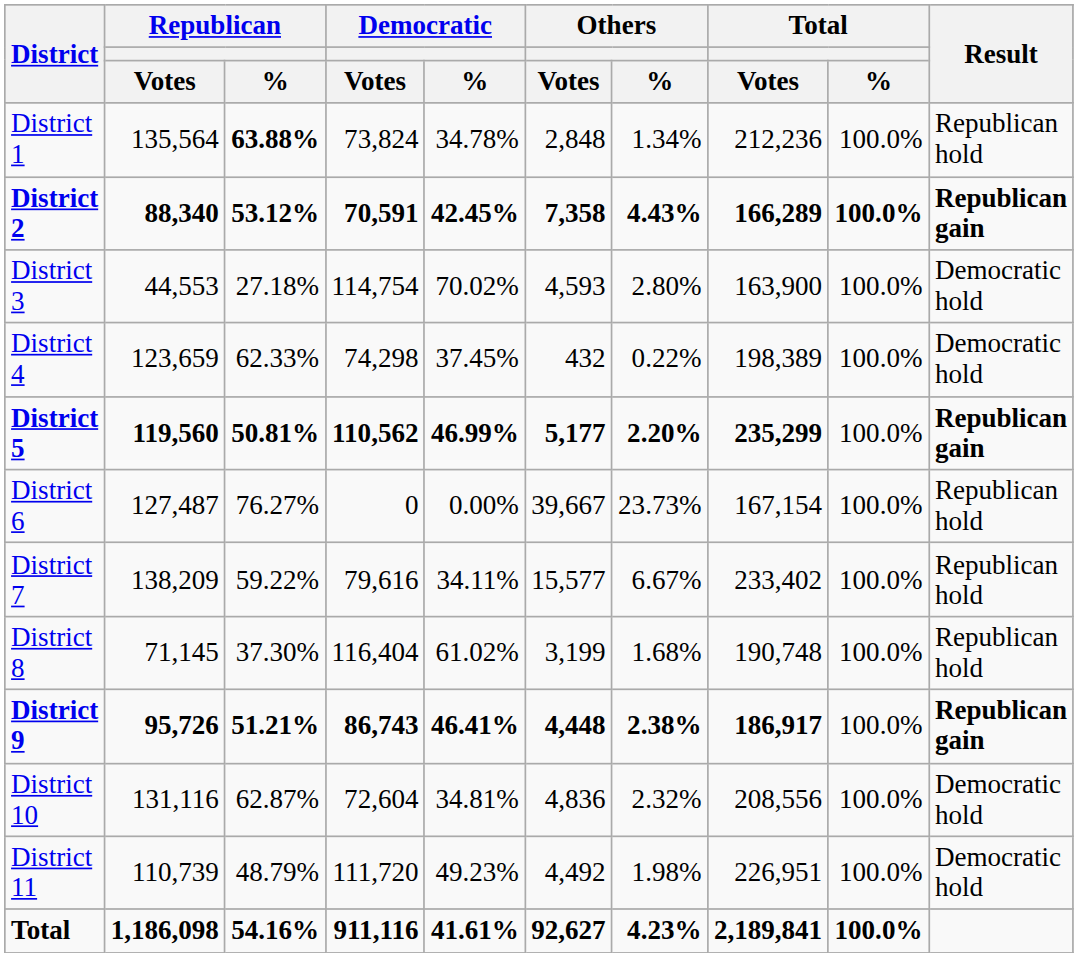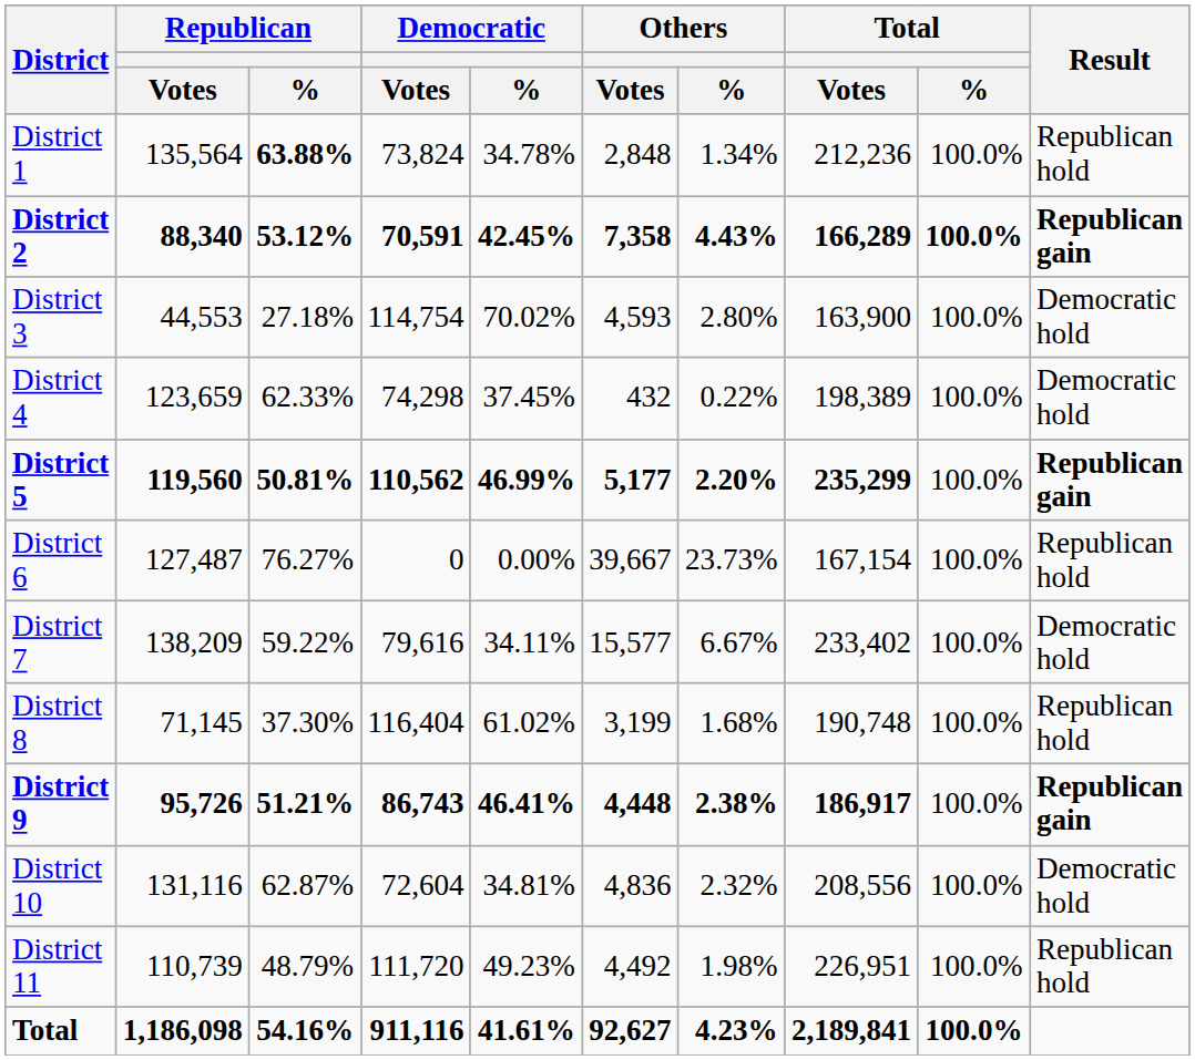 <table class="wikitable plainrowheaders sortable" style="font-size:100%; text-align:right;">
 <tr>
 <th scope=col rowspan=3><a href='#'>District</a></th>
 <th scope=col colspan=2><a href='#'>Republican</a></th>
 <th scope=col colspan=2><a href='#'>Democratic</a></th>
 <th scope=col colspan=2>Others</th>
 <th scope=col colspan=2>Total</th>
 <th scope=col rowspan=3>Result</th>
 </tr>
 <tr>
 <th scope=col colspan=2 style="background:"></th>
 <th scope=col colspan=2 style="background:"></th>
 <th scope=col colspan=2></th>
 <th scope=col colspan=2></th>
 </tr>
 <tr>
 <th scope=col data-sort-type="number">Votes</th>
 <th scope=col data-sort-type="number">%</th>
 <th scope=col data-sort-type="number">Votes</th>
 <th scope=col data-sort-type="number">%</th>
 <th scope=col data-sort-type="number">Votes</th>
 <th scope=col data-sort-type="number">%</th>
 <th scope=col data-sort-type="number">Votes</th>
 <th scope=col data-sort-type="number">%</th>
 </tr>
 <tr>
 <td align=left><a href='#'>District 1</a></td>
 <td>135,564</td>
 <td><strong>63.88%</strong></td>
 <td>73,824</td>
 <td>34.78%</td>
 <td>2,848</td>
 <td>1.34%</td>
 <td>212,236</td>
 <td>100.0%</td>
 <td align=left>Republican hold</td>
 </tr>
 <tr>
 <td align=left><strong><a href='#'>District 2</a></strong></td>
 <td><strong>88,340</strong></td>
 <td><strong>53.12%</strong></td>
 <td><strong>70,591</strong></td>
 <td><strong>42.45%</strong></td>
 <td><strong>7,358</strong></td>
 <td><strong>4.43%</strong></td>
 <td><strong>166,289</strong></td>
 <td><strong>100.0%</strong></td>
 <td align=left><strong>Republican gain</strong></td>
 </tr>
 <tr>
 <td align=left><a href='#'>District 3</a></td>
 <td>44,553</td>
 <td>27.18%</td>
 <td>114,754</td>
 <td>70.02%</td>
 <td>4,593</td>
 <td>2.80%</td>
 <td>163,900</td>
 <td>100.0%</td>
 <td align=left>Democratic hold</td>
 </tr>
 <tr>
 <td align=left><a href='#'>District 4</a></td>
 <td>123,659</td>
 <td>62.33%</td>
 <td>74,298</td>
 <td>37.45%</td>
 <td>432</td>
 <td>0.22%</td>
 <td>198,389</td>
 <td>100.0%</td>
 <td align=left>Democratic hold</td>
 </tr>
 <tr>
 <td align=left><strong><a href='#'>District 5</a></strong></td>
 <td><strong>119,560</strong></td>
 <td><strong>50.81%</strong></td>
 <td><strong>110,562</strong></td>
 <td><strong>46.99%</strong></td>
 <td><strong>5,177</strong></td>
 <td><strong>2.20%</strong></td>
 <td><strong>235,299</strong></td>
 <td>100.0%</td>
 <td align=left><strong>Republican gain</strong></td>
 </tr>
 <tr>
 <td align=left><a href='#'>District 6</a></td>
 <td>127,487</td>
 <td>76.27%</td>
 <td>0</td>
 <td>0.00%</td>
 <td>39,667</td>
 <td>23.73%</td>
 <td>167,154</td>
 <td>100.0%</td>
 <td align=left>Republican hold</td>
 </tr>
 <tr>
 <td align=left><a href='#'>District 7</a></td>
 <td>138,209</td>
 <td>59.22%</td>
 <td>79,616</td>
 <td>34.11%</td>
 <td>15,577</td>
 <td>6.67%</td>
 <td>233,402</td>
 <td>100.0%</td>
-<td align=left>Republican hold</td>
+<td align=left>Democratic hold</td>
 </tr>
 <tr>
 <td align=left><a href='#'>District 8</a></td>
 <td>71,145</td>
 <td>37.30%</td>
 <td>116,404</td>
 <td>61.02%</td>
 <td>3,199</td>
 <td>1.68%</td>
 <td>190,748</td>
 <td>100.0%</td>
 <td align=left>Republican hold</td>
 </tr>
 <tr>
 <td align=left><strong><a href='#'>District 9</a></strong></td>
 <td><strong>95,726</strong></td>
 <td><strong>51.21%</strong></td>
 <td><strong>86,743</strong></td>
 <td><strong>46.41%</strong></td>
 <td><strong>4,448</strong></td>
 <td><strong>2.38%</strong></td>
 <td><strong>186,917</strong></td>
 <td>100.0%</td>
 <td align=left><strong>Republican gain</strong></td>
 </tr>
 <tr>
 <td align=left><a href='#'>District 10</a></td>
 <td>131,116</td>
 <td>62.87%</td>
 <td>72,604</td>
 <td>34.81%</td>
 <td>4,836</td>
 <td>2.32%</td>
 <td>208,556</td>
 <td>100.0%</td>
 <td align=left>Democratic hold</td>
 </tr>
 <tr>
 <td align=left><a href='#'>District 11</a></td>
 <td>110,739</td>
 <td>48.79%</td>
 <td>111,720</td>
 <td>49.23%</td>
 <td>4,492</td>
 <td>1.98%</td>
 <td>226,951</td>
 <td>100.0%</td>
-<td align=left>Democratic hold</td>
+<td align=left>Republican hold</td>
 </tr>
 <tr class="sortbottom" style="font-weight:bold">
 <td align=left>Total</td>
 <td>1,186,098</td>
 <td>54.16%</td>
 <td>911,116</td>
 <td>41.61%</td>
 <td>92,627</td>
 <td>4.23%</td>
 <td>2,189,841</td>
 <td>100.0%</td>
 <td></td>
 </tr>
 </table>
